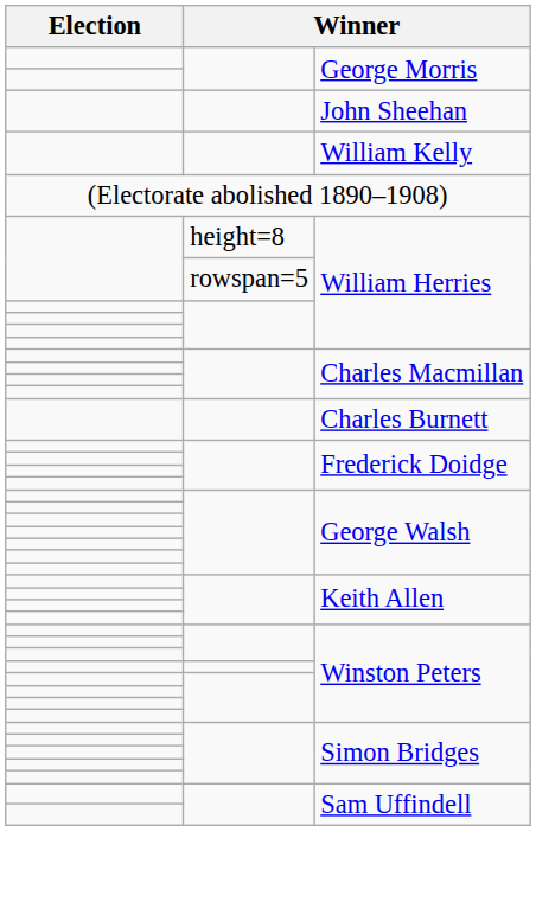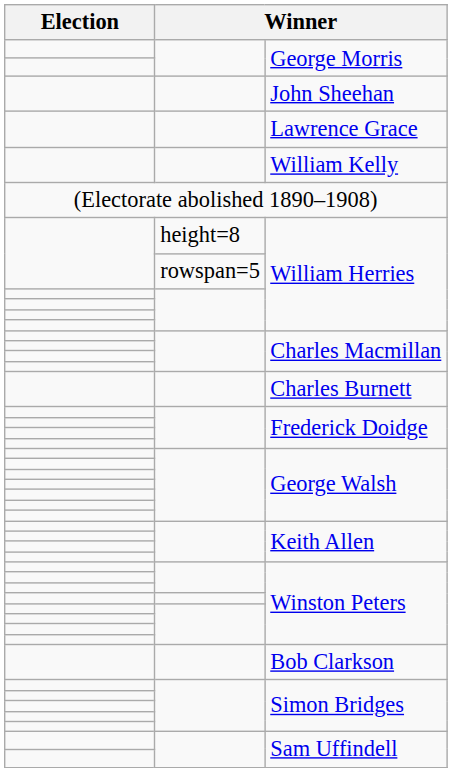 <table class=wikitable>
 <tr>
 <th width=100>Election</th>
 <th width=175 colspan=2>Winner</th>
 </tr>
 <tr>
 <td></td>
 <td rowspan=2 width=5 bgcolor=></td>
 <td rowspan=2><a href='#'>George Morris</a></td>
 </tr>
 <tr>
 <td></td>
 </tr>
 <tr>
 <td></td>
 <td bgcolor=></td>
 <td><a href='#'>John Sheehan</a></td>
+</tr>
+<tr>
+<td></td>
+<td bgcolor=></td>
+<td><a href='#'>Lawrence Grace</a></td>
 </tr>
 <tr>
 <td></td>
 <td bgcolor=></td>
 <td><a href='#'>William Kelly</a></td>
 </tr>
 <tr>
 <td colspan=3 align=center><span>(Electorate abolished 1890–1908)</span></td>
 </tr>
 <tr>
 <td rowspan=2></td>
 <td>height=8 </td>
 <td rowspan=6><a href='#'>William Herries</a></td>
 </tr>
 <tr>
 <td>rowspan=5 </td>
 </tr>
 <tr>
 <td></td>
 </tr>
 <tr>
 <td></td>
 </tr>
 <tr>
 <td></td>
 </tr>
 <tr>
 <td></td>
 </tr>
 <tr>
 <td></td>
 <td rowspan=4 bgcolor=></td>
 <td rowspan=4><a href='#'>Charles Macmillan</a></td>
 </tr>
 <tr>
 <td></td>
 </tr>
 <tr>
 <td></td>
 </tr>
 <tr>
 <td></td>
 </tr>
 <tr>
 <td></td>
 <td bgcolor=></td>
 <td><a href='#'>Charles Burnett</a></td>
 </tr>
 <tr>
 <td></td>
 <td rowspan=4 bgcolor=></td>
 <td rowspan=4><a href='#'>Frederick Doidge</a></td>
 </tr>
 <tr>
 <td></td>
 </tr>
 <tr>
 <td></td>
 </tr>
 <tr>
 <td></td>
 </tr>
 <tr>
 <td></td>
 <td rowspan=7 bgcolor=></td>
 <td rowspan=7><a href='#'>George Walsh</a></td>
 </tr>
 <tr>
 <td></td>
 </tr>
 <tr>
 <td></td>
 </tr>
 <tr>
 <td></td>
 </tr>
 <tr>
 <td></td>
 </tr>
 <tr>
 <td></td>
 </tr>
 <tr>
 <td></td>
 </tr>
 <tr>
 <td></td>
 <td rowspan=4 bgcolor=></td>
 <td rowspan=4><a href='#'>Keith Allen</a></td>
 </tr>
 <tr>
 <td></td>
 </tr>
 <tr>
 <td></td>
 </tr>
 <tr>
 <td></td>
 </tr>
 <tr>
 <td></td>
 <td rowspan=3 bgcolor=></td>
 <td rowspan=8><a href='#'>Winston Peters</a></td>
 </tr>
 <tr>
 <td></td>
 </tr>
 <tr>
 <td></td>
 </tr>
 <tr>
 <td></td>
 <td bgcolor=></td>
 </tr>
 <tr>
 <td></td>
 <td rowspan=4 bgcolor=></td>
 </tr>
 <tr>
 <td></td>
 </tr>
 <tr>
 <td></td>
 </tr>
 <tr>
 <td></td>
 </tr>
 <tr>
 <td></td>
+<td bgcolor=></td>
+<td><a href='#'>Bob Clarkson</a></td>
+</tr>
+<tr>
+<td></td>
 <td rowspan=5 bgcolor=></td>
 <td rowspan=5><a href='#'>Simon Bridges</a></td>
 </tr>
 <tr>
 <td></td>
 </tr>
 <tr>
 <td></td>
 </tr>
 <tr>
 <td></td>
 </tr>
 <tr>
 <td></td>
 </tr>
 <tr>
 <td></td>
 <td rowspan=2 bgcolor=></td>
 <td rowspan=2><a href='#'>Sam Uffindell</a></td>
 </tr>
 <tr>
 <td></td>
 </tr>
 </table>
